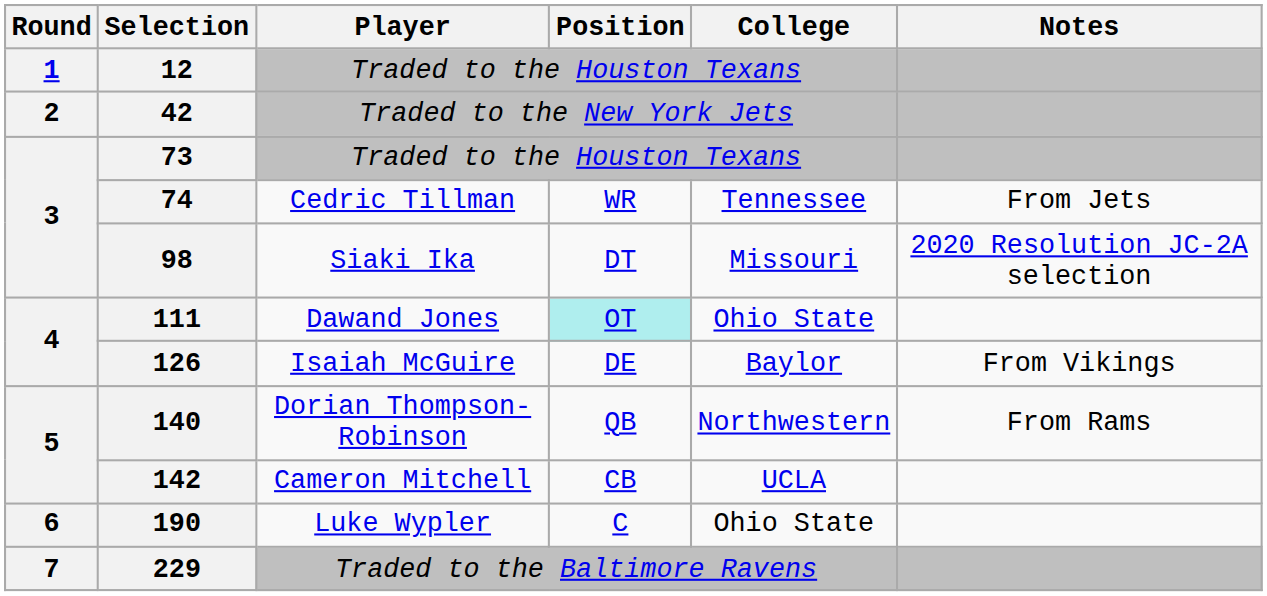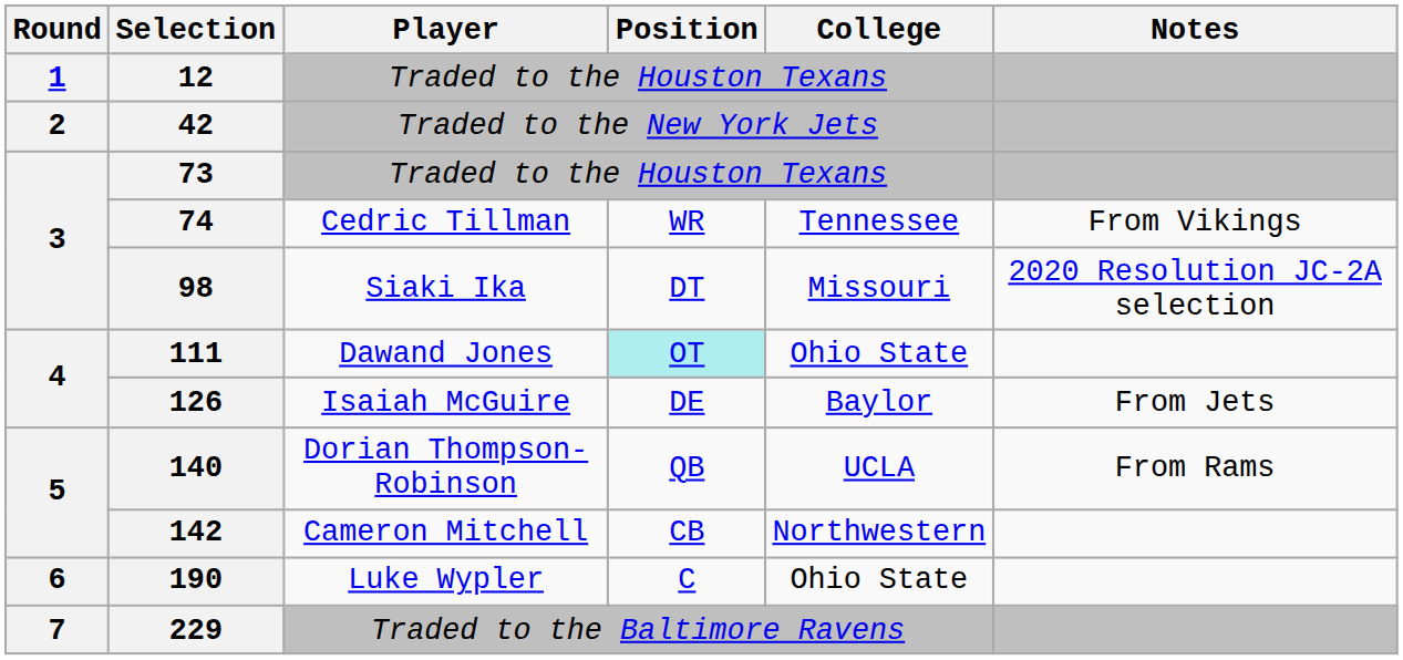 <table class="wikitable" style="text-align:center">
 <tr>
 <th>Round</th>
 <th>Selection</th>
 <th>Player</th>
 <th>Position</th>
 <th>College</th>
 <th>Notes</th>
 </tr>
 <tr>
 <th><a href='#'>1</a></th>
 <th>12</th>
 <td colspan="3" style="background:#BFBFBF"><em>Traded to the <a href='#'>Houston Texans</a></em></td>
 <td style="background:#BFBFBF"></td>
 </tr>
 <tr>
 <th>2</th>
 <th>42</th>
 <td colspan="3" style="background:#BFBFBF"><em>Traded to the <a href='#'>New York Jets</a></em></td>
 <td style="background:#BFBFBF"></td>
 </tr>
 <tr>
 <th rowspan="3">3</th>
 <th>73</th>
 <td colspan="3" style="background:#BFBFBF"><em>Traded to the <a href='#'>Houston Texans</a></em></td>
 <td style="background:#BFBFBF"></td>
 </tr>
 <tr>
 <th>74</th>
 <td><a href='#'>Cedric Tillman</a></td>
 <td><a href='#'>WR</a></td>
 <td><a href='#'>Tennessee</a></td>
-<td>From Jets</td>
+<td>From Vikings</td>
 </tr>
 <tr>
 <th>98</th>
 <td><a href='#'>Siaki Ika</a></td>
 <td><a href='#'>DT</a></td>
 <td><a href='#'>Missouri</a></td>
 <td><a href='#'>2020 Resolution JC-2A</a> selection</td>
 </tr>
 <tr>
 <th rowspan="2">4</th>
 <th>111</th>
 <td><a href='#'>Dawand Jones</a></td>
 <td style="background: paleturquoise;"><a href='#'>OT</a></td>
 <td><a href='#'>Ohio State</a></td>
 <td></td>
 </tr>
 <tr>
 <th>126</th>
 <td><a href='#'>Isaiah McGuire</a></td>
 <td><a href='#'>DE</a></td>
 <td><a href='#'>Baylor</a></td>
-<td>From Vikings</td>
+<td>From Jets</td>
 </tr>
 <tr>
 <th rowspan="2">5</th>
 <th>140</th>
 <td><a href='#'>Dorian Thompson-Robinson</a></td>
 <td><a href='#'>QB</a></td>
-<td><a href='#'>Northwestern</a></td>
+<td><a href='#'>UCLA</a></td>
 <td>From Rams</td>
 </tr>
 <tr>
 <th>142</th>
 <td><a href='#'>Cameron Mitchell</a></td>
 <td><a href='#'>CB</a></td>
-<td><a href='#'>UCLA</a></td>
+<td><a href='#'>Northwestern</a></td>
 <td></td>
 </tr>
 <tr>
 <th>6</th>
 <th>190</th>
 <td><a href='#'>Luke Wypler</a></td>
 <td><a href='#'>C</a></td>
 <td>Ohio State</td>
 <td></td>
 </tr>
 <tr>
 <th>7</th>
 <th>229</th>
 <td colspan="3" style="background:#BFBFBF"><em>Traded to the <a href='#'>Baltimore Ravens</a></em></td>
 <td style="background:#BFBFBF"></td>
 </tr>
 </table>
